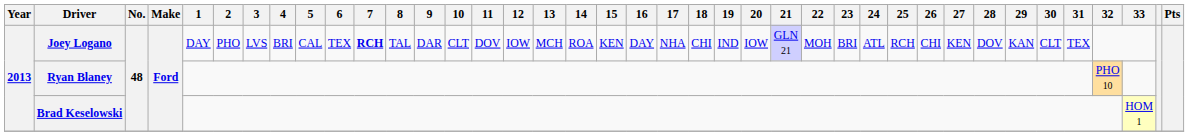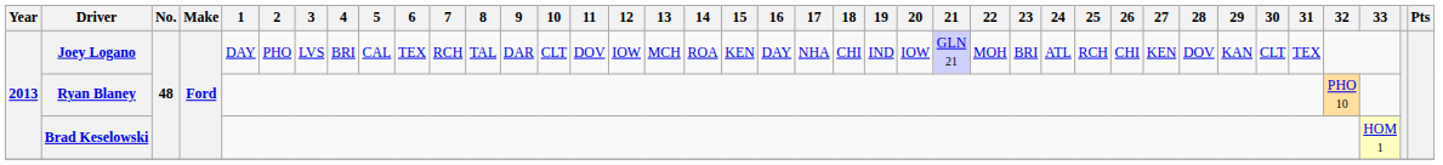 <table class="wikitable" style="text-align:center; font-size:75%">
 <tr>
 <th>Year</th>
 <th>Driver</th>
 <th>No.</th>
 <th>Make</th>
 <th>1</th>
 <th>2</th>
 <th>3</th>
 <th>4</th>
 <th>5</th>
 <th>6</th>
 <th>7</th>
 <th>8</th>
 <th>9</th>
 <th>10</th>
 <th>11</th>
 <th>12</th>
 <th>13</th>
 <th>14</th>
 <th>15</th>
 <th>16</th>
 <th>17</th>
 <th>18</th>
 <th>19</th>
 <th>20</th>
 <th>21</th>
 <th>22</th>
 <th>23</th>
 <th>24</th>
 <th>25</th>
 <th>26</th>
 <th>27</th>
 <th>28</th>
 <th>29</th>
 <th>30</th>
 <th>31</th>
 <th>32</th>
 <th>33</th>
 <th></th>
 <th>Pts</th>
 </tr>
 <tr>
 <th rowspan=3><a href='#'>2013</a></th>
 <th><a href='#'>Joey Logano</a></th>
 <th rowspan=3>48</th>
 <th rowspan=3><a href='#'>Ford</a></th>
 <td><a href='#'>DAY</a></td>
 <td><a href='#'>PHO</a></td>
 <td><a href='#'>LVS</a></td>
 <td><a href='#'>BRI</a></td>
 <td><a href='#'>CAL</a></td>
 <td><a href='#'>TEX</a></td>
-<td><strong><a href='#'>RCH</a></strong></td>
+<td><a href='#'>RCH</a></td>
 <td><a href='#'>TAL</a></td>
 <td><a href='#'>DAR</a></td>
 <td><a href='#'>CLT</a></td>
 <td><a href='#'>DOV</a></td>
 <td><a href='#'>IOW</a></td>
 <td><a href='#'>MCH</a></td>
 <td><a href='#'>ROA</a></td>
 <td><a href='#'>KEN</a></td>
 <td><a href='#'>DAY</a></td>
 <td><a href='#'>NHA</a></td>
 <td><a href='#'>CHI</a></td>
 <td><a href='#'>IND</a></td>
 <td><a href='#'>IOW</a></td>
 <td style="background:#CFCFFF;"><a href='#'>GLN</a><br><small>21</small></td>
 <td><a href='#'>MOH</a></td>
 <td><a href='#'>BRI</a></td>
 <td><a href='#'>ATL</a></td>
 <td><a href='#'>RCH</a></td>
 <td><a href='#'>CHI</a></td>
 <td><a href='#'>KEN</a></td>
 <td><a href='#'>DOV</a></td>
 <td><a href='#'>KAN</a></td>
 <td><a href='#'>CLT</a></td>
 <td><a href='#'>TEX</a></td>
 <td colspan=2></td>
 <th rowspan=3></th>
 <th rowspan=3></th>
 </tr>
 <tr>
 <th><a href='#'>Ryan Blaney</a></th>
 <td colspan=31></td>
 <td style="background:#FFDF9F;"><a href='#'>PHO</a><br><small>10</small></td>
 <td></td>
 </tr>
 <tr>
 <th><a href='#'>Brad Keselowski</a></th>
 <td colspan=32></td>
 <td style="background:#FFFFBF;"><a href='#'>HOM</a><br><small>1</small></td>
 </tr>
 <tr>
 </tr>
 </table>
